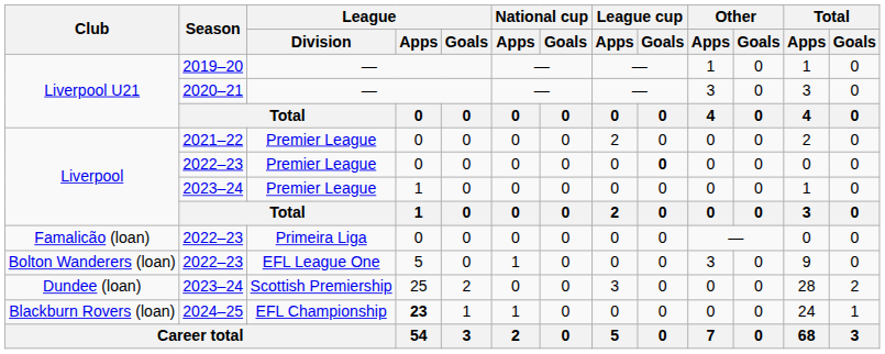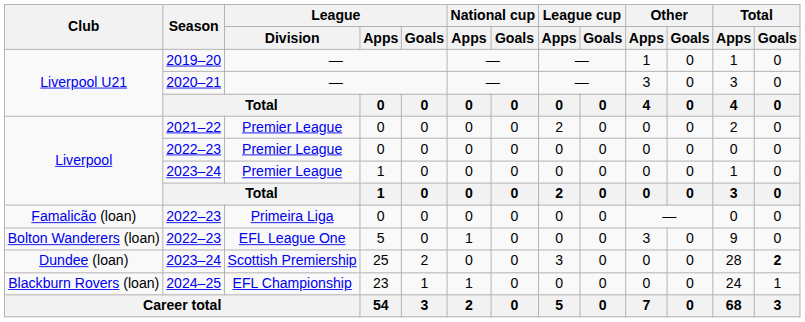 <table class="wikitable" style="text-align:center">
 <tr>
 <th rowspan="2">Club</th>
 <th rowspan="2">Season</th>
 <th colspan="3">League</th>
 <th colspan="2">National cup</th>
 <th colspan="2">League cup</th>
 <th colspan="2">Other</th>
 <th colspan="2">Total</th>
 </tr>
 <tr>
 <th>Division</th>
 <th>Apps</th>
 <th>Goals</th>
 <th>Apps</th>
 <th>Goals</th>
 <th>Apps</th>
 <th>Goals</th>
 <th>Apps</th>
 <th>Goals</th>
 <th>Apps</th>
 <th>Goals</th>
 </tr>
 <tr>
 <td rowspan=3><a href='#'>Liverpool U21</a></td>
 <td><a href='#'>2019–20</a></td>
 <td colspan=3>—</td>
 <td colspan=2>—</td>
 <td colspan=2>—</td>
 <td>1</td>
 <td>0</td>
 <td>1</td>
 <td>0</td>
 </tr>
 <tr>
 <td><a href='#'>2020–21</a></td>
 <td colspan=3>—</td>
 <td colspan=2>—</td>
 <td colspan=2>—</td>
 <td>3</td>
 <td>0</td>
 <td>3</td>
 <td>0</td>
 </tr>
 <tr>
 <th colspan=2>Total</th>
 <th>0</th>
 <th>0</th>
 <th>0</th>
 <th>0</th>
 <th>0</th>
 <th>0</th>
 <th>4</th>
 <th>0</th>
 <th>4</th>
 <th>0</th>
 </tr>
 <tr>
 <td rowspan=4><a href='#'>Liverpool</a></td>
 <td><a href='#'>2021–22</a></td>
 <td><a href='#'>Premier League</a></td>
 <td>0</td>
 <td>0</td>
 <td>0</td>
 <td>0</td>
 <td>2</td>
 <td>0</td>
 <td>0</td>
 <td>0</td>
 <td>2</td>
 <td>0</td>
 </tr>
 <tr>
 <td><a href='#'>2022–23</a></td>
 <td><a href='#'>Premier League</a></td>
 <td>0</td>
 <td>0</td>
 <td>0</td>
 <td>0</td>
 <td>0</td>
-<td><strong>0</strong></td>
+<td>0</td>
 <td>0</td>
 <td>0</td>
 <td>0</td>
 <td>0</td>
 </tr>
 <tr>
 <td><a href='#'>2023–24</a></td>
 <td><a href='#'>Premier League</a></td>
 <td>1</td>
 <td>0</td>
 <td>0</td>
 <td>0</td>
 <td>0</td>
 <td>0</td>
 <td>0</td>
 <td>0</td>
 <td>1</td>
 <td>0</td>
 </tr>
 <tr>
 <th colspan=2>Total</th>
 <th>1</th>
 <th>0</th>
 <th>0</th>
 <th>0</th>
 <th>2</th>
 <th>0</th>
 <th>0</th>
 <th>0</th>
 <th>3</th>
 <th>0</th>
 </tr>
 <tr>
 <td><a href='#'>Famalicão</a> (loan)</td>
 <td><a href='#'>2022–23</a></td>
 <td><a href='#'>Primeira Liga</a></td>
 <td>0</td>
 <td>0</td>
 <td>0</td>
 <td>0</td>
 <td>0</td>
 <td>0</td>
 <td colspan="2">—</td>
 <td>0</td>
 <td>0</td>
 </tr>
 <tr>
 <td><a href='#'>Bolton Wanderers</a> (loan)</td>
 <td><a href='#'>2022–23</a></td>
 <td><a href='#'>EFL League One</a></td>
 <td>5</td>
 <td>0</td>
 <td>1</td>
 <td>0</td>
 <td>0</td>
 <td>0</td>
 <td>3</td>
 <td>0</td>
 <td>9</td>
 <td>0</td>
 </tr>
 <tr>
 <td><a href='#'>Dundee</a> (loan)</td>
 <td><a href='#'>2023–24</a></td>
 <td><a href='#'>Scottish Premiership</a></td>
 <td>25</td>
 <td>2</td>
 <td>0</td>
 <td>0</td>
 <td>3</td>
 <td>0</td>
 <td>0</td>
 <td>0</td>
 <td>28</td>
-<td>2</td>
+<td><strong>2</strong></td>
 </tr>
 <tr>
 <td><a href='#'>Blackburn Rovers</a> (loan)</td>
 <td><a href='#'>2024–25</a></td>
 <td><a href='#'>EFL Championship</a></td>
-<td><strong>23</strong></td>
+<td>23</td>
 <td>1</td>
 <td>1</td>
 <td>0</td>
 <td>0</td>
 <td>0</td>
 <td>0</td>
 <td>0</td>
 <td>24</td>
 <td>1</td>
 </tr>
 <tr>
 <th colspan="3">Career total</th>
 <th>54</th>
 <th>3</th>
 <th>2</th>
 <th>0</th>
 <th>5</th>
 <th>0</th>
 <th>7</th>
 <th>0</th>
 <th>68</th>
 <th>3</th>
 </tr>
 </table>
